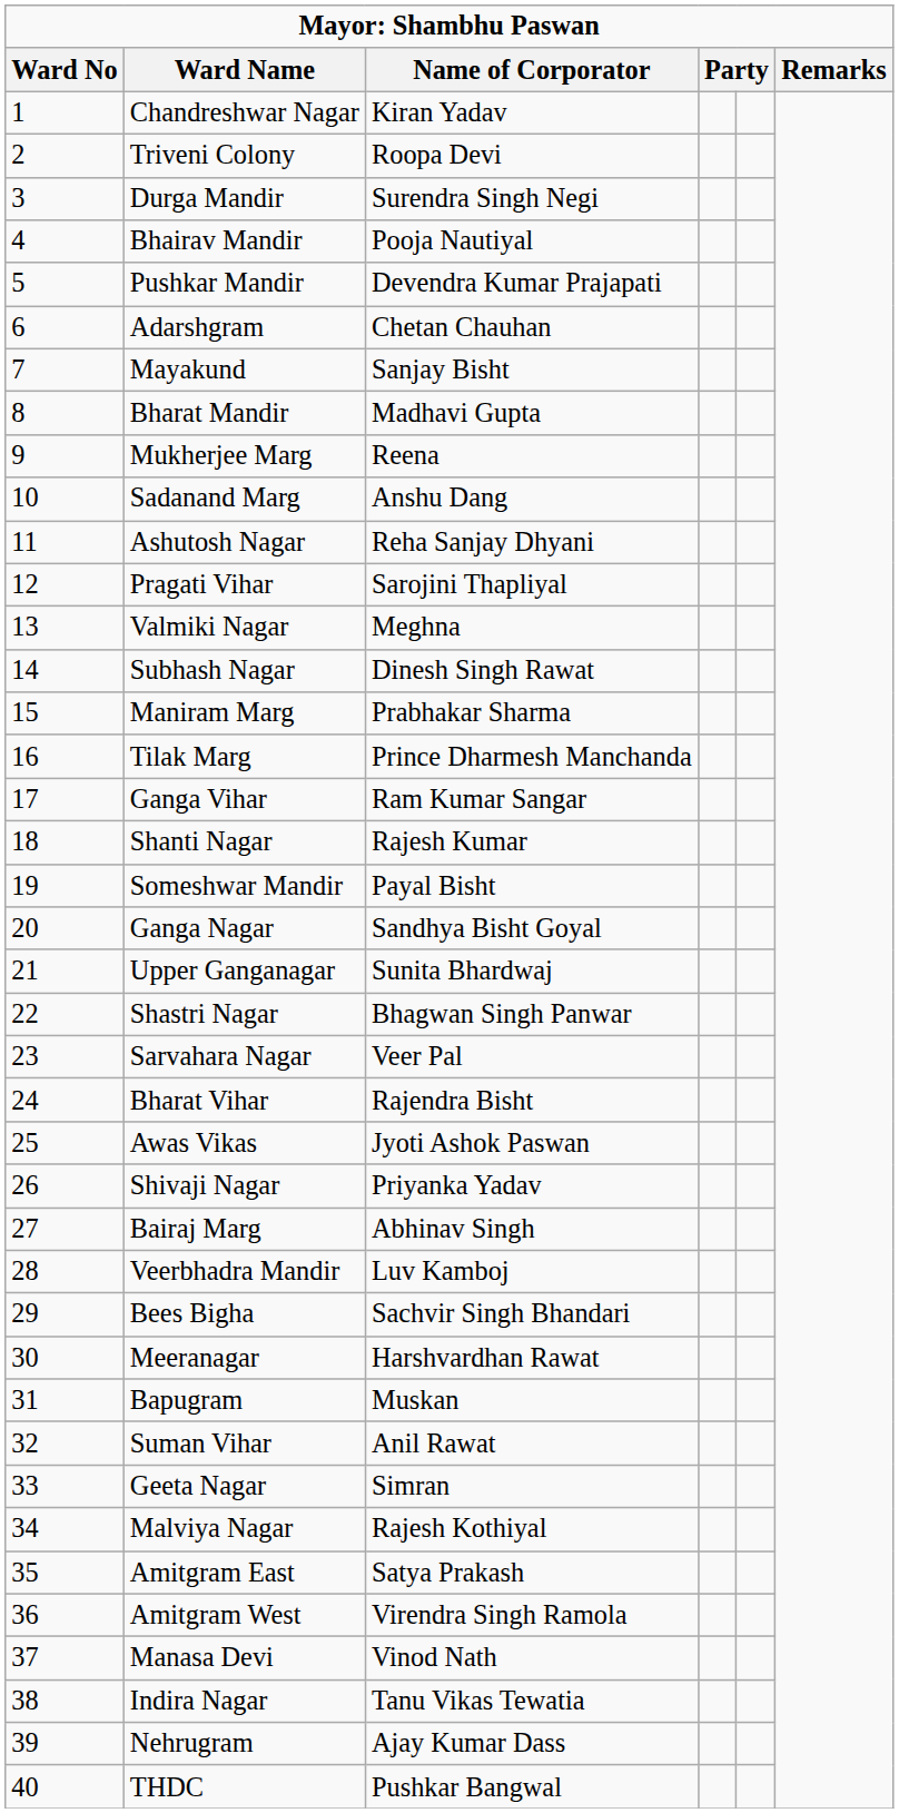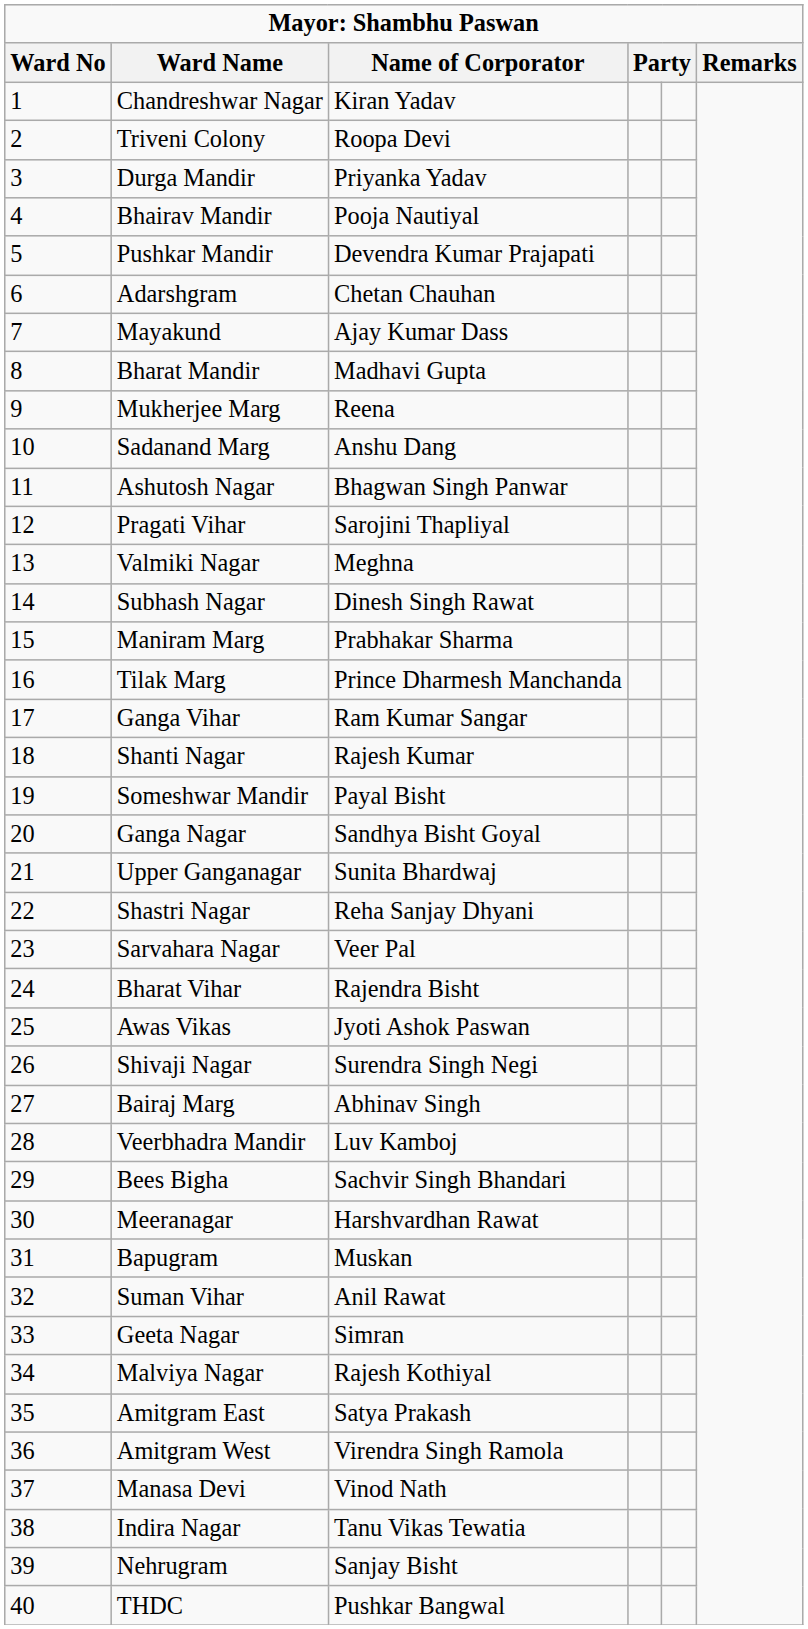 <table class="wikitable">
 <tr>
 <td colspan=6 align=center><span><strong>Mayor: Shambhu Paswan</strong></span></td>
 </tr>
 <tr>
 <th>Ward No</th>
 <th>Ward Name</th>
 <th>Name of Corporator</th>
 <th colspan="2">Party</th>
 <th>Remarks</th>
 </tr>
 <tr>
 <td>1</td>
 <td>Chandreshwar Nagar</td>
 <td>Kiran Yadav</td>
 <td></td>
 <td></td>
 </tr>
 <tr>
 <td>2</td>
 <td>Triveni Colony</td>
 <td>Roopa Devi</td>
 <td></td>
 <td></td>
 </tr>
 <tr>
 <td>3</td>
 <td>Durga Mandir</td>
-<td>Surendra Singh Negi</td>
+<td>Priyanka Yadav</td>
 <td></td>
 <td></td>
 </tr>
 <tr>
 <td>4</td>
 <td>Bhairav Mandir</td>
 <td>Pooja Nautiyal</td>
 <td></td>
 <td></td>
 </tr>
 <tr>
 <td>5</td>
 <td>Pushkar Mandir</td>
 <td>Devendra Kumar Prajapati</td>
 <td></td>
 <td></td>
 </tr>
 <tr>
 <td>6</td>
 <td>Adarshgram</td>
 <td>Chetan Chauhan</td>
 <td></td>
 <td></td>
 </tr>
 <tr>
 <td>7</td>
 <td>Mayakund</td>
-<td>Sanjay Bisht</td>
+<td>Ajay Kumar Dass</td>
 <td></td>
 <td></td>
 </tr>
 <tr>
 <td>8</td>
 <td>Bharat Mandir</td>
 <td>Madhavi Gupta</td>
 <td></td>
 <td></td>
 </tr>
 <tr>
 <td>9</td>
 <td>Mukherjee Marg</td>
 <td>Reena</td>
 <td></td>
 <td></td>
 </tr>
 <tr>
 <td>10</td>
 <td>Sadanand Marg</td>
 <td>Anshu Dang</td>
 <td></td>
 <td></td>
 </tr>
 <tr>
 <td>11</td>
 <td>Ashutosh Nagar</td>
-<td>Reha Sanjay Dhyani</td>
+<td>Bhagwan Singh Panwar</td>
 <td></td>
 <td></td>
 </tr>
 <tr>
 <td>12</td>
 <td>Pragati Vihar</td>
 <td>Sarojini Thapliyal</td>
 <td></td>
 <td></td>
 </tr>
 <tr>
 <td>13</td>
 <td>Valmiki Nagar</td>
 <td>Meghna</td>
 <td></td>
 <td></td>
 </tr>
 <tr>
 <td>14</td>
 <td>Subhash Nagar</td>
 <td>Dinesh Singh Rawat</td>
 <td></td>
 <td></td>
 </tr>
 <tr>
 <td>15</td>
 <td>Maniram Marg</td>
 <td>Prabhakar Sharma</td>
 <td></td>
 <td></td>
 </tr>
 <tr>
 <td>16</td>
 <td>Tilak Marg</td>
 <td>Prince Dharmesh Manchanda</td>
 <td></td>
 <td></td>
 </tr>
 <tr>
 <td>17</td>
 <td>Ganga Vihar</td>
 <td>Ram Kumar Sangar</td>
 <td></td>
 <td></td>
 </tr>
 <tr>
 <td>18</td>
 <td>Shanti Nagar</td>
 <td>Rajesh Kumar</td>
 <td></td>
 <td></td>
 </tr>
 <tr>
 <td>19</td>
 <td>Someshwar Mandir</td>
 <td>Payal Bisht</td>
 <td></td>
 <td></td>
 </tr>
 <tr>
 <td>20</td>
 <td>Ganga Nagar</td>
 <td>Sandhya Bisht Goyal</td>
 <td></td>
 <td></td>
 </tr>
 <tr>
 <td>21</td>
 <td>Upper Ganganagar</td>
 <td>Sunita Bhardwaj</td>
 <td></td>
 <td></td>
 </tr>
 <tr>
 <td>22</td>
 <td>Shastri Nagar</td>
-<td>Bhagwan Singh Panwar</td>
+<td>Reha Sanjay Dhyani</td>
 <td></td>
 <td></td>
 </tr>
 <tr>
 <td>23</td>
 <td>Sarvahara Nagar</td>
 <td>Veer Pal</td>
 <td></td>
 <td></td>
 </tr>
 <tr>
 <td>24</td>
 <td>Bharat Vihar</td>
 <td>Rajendra Bisht</td>
 <td></td>
 <td></td>
 </tr>
 <tr>
 <td>25</td>
 <td>Awas Vikas</td>
 <td>Jyoti Ashok Paswan</td>
 <td></td>
 <td></td>
 </tr>
 <tr>
 <td>26</td>
 <td>Shivaji Nagar</td>
-<td>Priyanka Yadav</td>
+<td>Surendra Singh Negi</td>
 <td></td>
 <td></td>
 </tr>
 <tr>
 <td>27</td>
 <td>Bairaj Marg</td>
 <td>Abhinav Singh</td>
 <td></td>
 <td></td>
 </tr>
 <tr>
 <td>28</td>
 <td>Veerbhadra Mandir</td>
 <td>Luv Kamboj</td>
 <td></td>
 <td></td>
 </tr>
 <tr>
 <td>29</td>
 <td>Bees Bigha</td>
 <td>Sachvir Singh Bhandari</td>
 <td></td>
 <td></td>
 </tr>
 <tr>
 <td>30</td>
 <td>Meeranagar</td>
 <td>Harshvardhan Rawat</td>
 <td></td>
 <td></td>
 </tr>
 <tr>
 <td>31</td>
 <td>Bapugram</td>
 <td>Muskan</td>
 <td></td>
 <td></td>
 </tr>
 <tr>
 <td>32</td>
 <td>Suman Vihar</td>
 <td>Anil Rawat</td>
 <td></td>
 <td></td>
 </tr>
 <tr>
 <td>33</td>
 <td>Geeta Nagar</td>
 <td>Simran</td>
 <td></td>
 <td></td>
 </tr>
 <tr>
 <td>34</td>
 <td>Malviya Nagar</td>
 <td>Rajesh Kothiyal</td>
 <td></td>
 <td></td>
 </tr>
 <tr>
 <td>35</td>
 <td>Amitgram East</td>
 <td>Satya Prakash</td>
 <td></td>
 <td></td>
 </tr>
 <tr>
 <td>36</td>
 <td>Amitgram West</td>
 <td>Virendra Singh Ramola</td>
 <td></td>
 <td></td>
 </tr>
 <tr>
 <td>37</td>
 <td>Manasa Devi</td>
 <td>Vinod Nath</td>
 <td></td>
 <td></td>
 </tr>
 <tr>
 <td>38</td>
 <td>Indira Nagar</td>
 <td>Tanu Vikas Tewatia</td>
 <td></td>
 <td></td>
 </tr>
 <tr>
 <td>39</td>
 <td>Nehrugram</td>
-<td>Ajay Kumar Dass</td>
+<td>Sanjay Bisht</td>
 <td></td>
 <td></td>
 </tr>
 <tr>
 <td>40</td>
 <td>THDC</td>
 <td>Pushkar Bangwal</td>
 <td></td>
 <td></td>
 </tr>
 </table>
